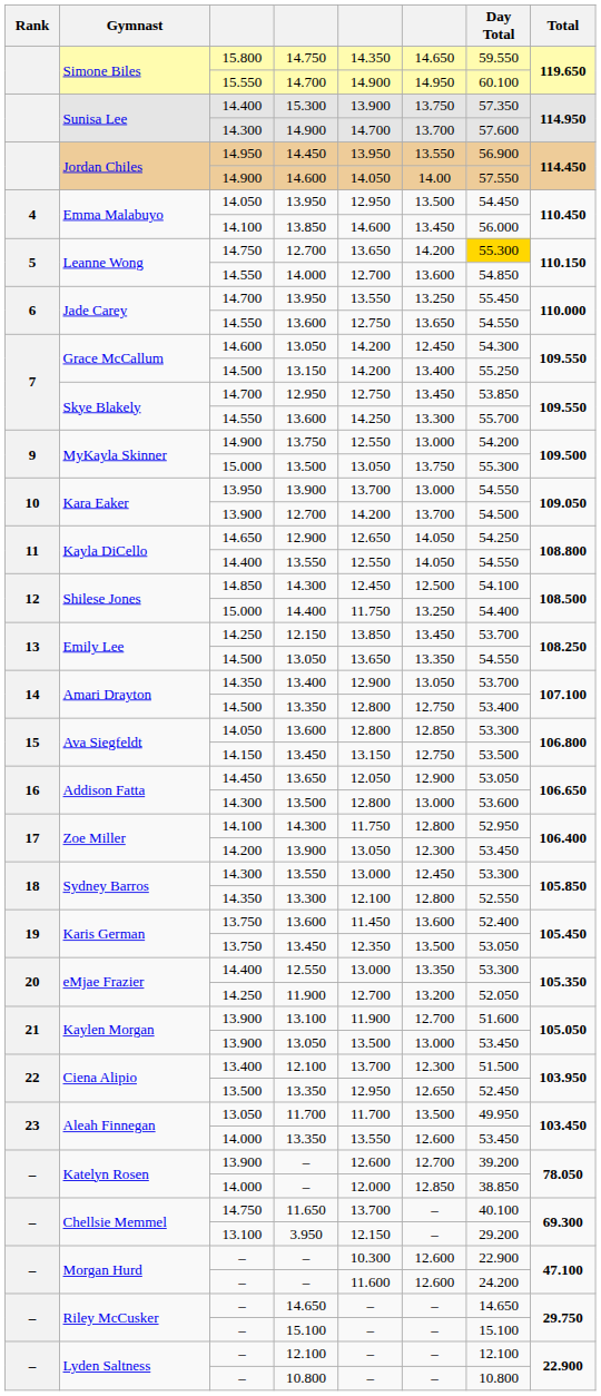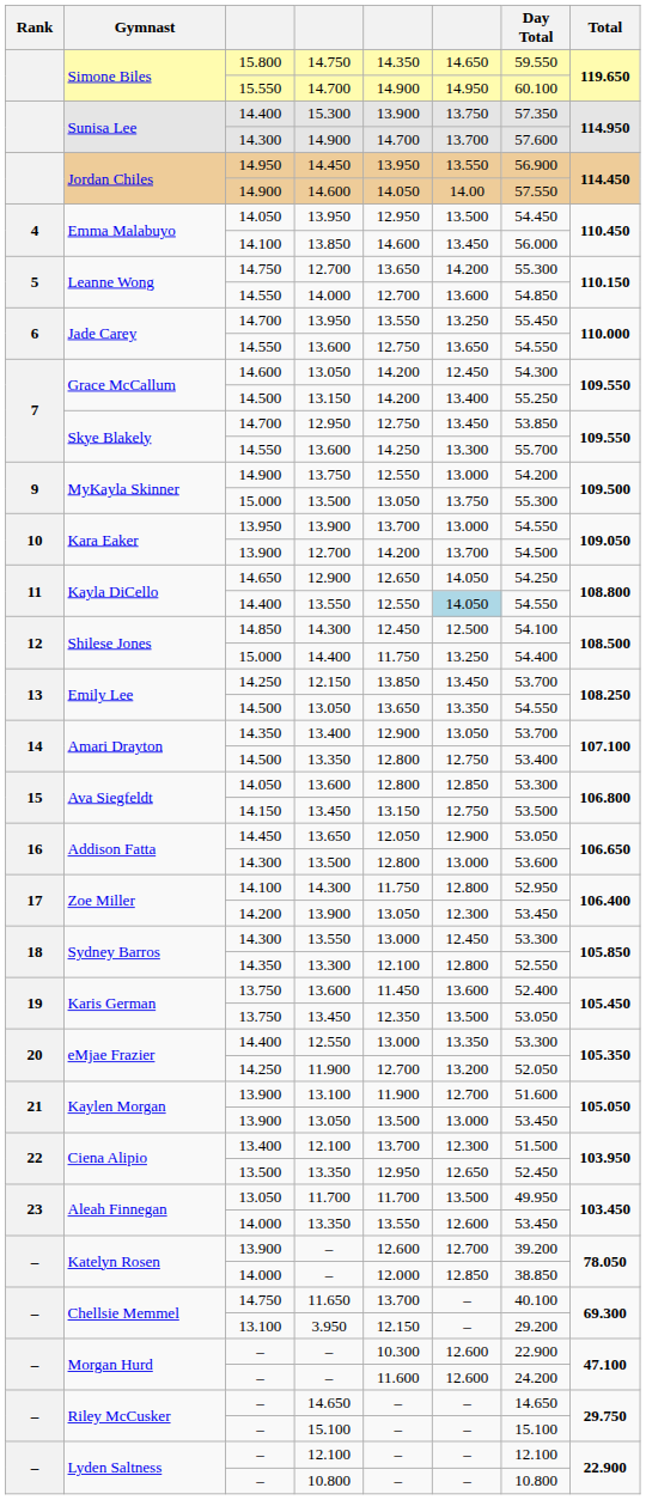 <table class="wikitable sortable" style="text-align:center; font-size:95%">
 <tr>
 <th scope="col" style="width:50px;">Rank</th>
 <th scope="col" style="width:150px;">Gymnast</th>
 <th scope="col" style="width:60px;"></th>
 <th scope="col" style="width:60px;"></th>
 <th scope="col" style="width:60px;"></th>
 <th scope="col" style="width:60px;"></th>
 <th scope="col" style="width:60px;">Day Total</th>
 <th scope="col" style="width:60px;">Total</th>
 </tr>
 <tr style="background:#fffcaf;">
 <th rowspan="2" scope=row style="text-align:center"></th>
 <td rowspan="2" align=left><a href='#'>Simone Biles</a></td>
 <td>15.800</td>
 <td>14.750</td>
 <td>14.350</td>
 <td>14.650</td>
 <td>59.550</td>
 <td rowspan="2"><strong>119.650</strong></td>
 </tr>
 <tr style="background:#fffcaf;">
 <td>15.550</td>
 <td>14.700</td>
 <td>14.900</td>
 <td>14.950</td>
 <td>60.100</td>
 </tr>
 <tr style="background:#e5e5e5;">
 <th rowspan="2" scope=row style="text-align:center"></th>
 <td rowspan="2" align=left><a href='#'>Sunisa Lee</a></td>
 <td>14.400</td>
 <td>15.300</td>
 <td>13.900</td>
 <td>13.750</td>
 <td>57.350</td>
 <td rowspan="2"><strong>114.950</strong></td>
 </tr>
 <tr style="background:#e5e5e5;">
 <td>14.300</td>
 <td>14.900</td>
 <td>14.700</td>
 <td>13.700</td>
 <td>57.600</td>
 </tr>
 <tr style="background:#ec9;">
 <th rowspan="2" scope=row style="text-align:center"></th>
 <td rowspan="2" align=left><a href='#'>Jordan Chiles</a></td>
 <td>14.950</td>
 <td>14.450</td>
 <td>13.950</td>
 <td>13.550</td>
 <td>56.900</td>
 <td rowspan="2"><strong>114.450</strong></td>
 </tr>
 <tr style="background:#ec9;">
 <td>14.900</td>
 <td>14.600</td>
 <td>14.050</td>
 <td>14.00</td>
 <td>57.550</td>
 </tr>
 <tr>
 <th rowspan="2" scope=row style="text-align:center">4</th>
 <td rowspan="2" align=left><a href='#'>Emma Malabuyo</a></td>
 <td>14.050</td>
 <td>13.950</td>
 <td>12.950</td>
 <td>13.500</td>
 <td>54.450</td>
 <td rowspan="2"><strong>110.450</strong></td>
 </tr>
 <tr>
 <td>14.100</td>
 <td>13.850</td>
 <td>14.600</td>
 <td>13.450</td>
 <td>56.000</td>
 </tr>
 <tr>
 <th rowspan="2" scope="row" style="text-align:center">5</th>
 <td rowspan="2" align="left"><a href='#'>Leanne Wong</a></td>
 <td>14.750</td>
 <td>12.700</td>
 <td>13.650</td>
 <td>14.200</td>
-<td style="background: gold;">55.300</td>
+<td>55.300</td>
 <td rowspan="2"><strong>110.150</strong></td>
 </tr>
 <tr>
 <td>14.550</td>
 <td>14.000</td>
 <td>12.700</td>
 <td>13.600</td>
 <td>54.850</td>
 </tr>
 <tr>
 <th rowspan="2" scope=row style="text-align:center">6</th>
 <td rowspan="2" align=left><a href='#'>Jade Carey</a></td>
 <td>14.700</td>
 <td>13.950</td>
 <td>13.550</td>
 <td>13.250</td>
 <td>55.450</td>
 <td rowspan="2"><strong>110.000</strong></td>
 </tr>
 <tr>
 <td>14.550</td>
 <td>13.600</td>
 <td>12.750</td>
 <td>13.650</td>
 <td>54.550</td>
 </tr>
 <tr>
 <th rowspan="4" scope=row style="text-align:center">7</th>
 <td rowspan="2" align=left><a href='#'>Grace McCallum</a></td>
 <td>14.600</td>
 <td>13.050</td>
 <td>14.200</td>
 <td>12.450</td>
 <td>54.300</td>
 <td rowspan="2"><strong>109.550</strong></td>
 </tr>
 <tr>
 <td>14.500</td>
 <td>13.150</td>
 <td>14.200</td>
 <td>13.400</td>
 <td>55.250</td>
 </tr>
 <tr>
 <td rowspan="2" align=left><a href='#'>Skye Blakely</a></td>
 <td>14.700</td>
 <td>12.950</td>
 <td>12.750</td>
 <td>13.450</td>
 <td>53.850</td>
 <td rowspan="2"><strong>109.550</strong></td>
 </tr>
 <tr>
 <td>14.550</td>
 <td>13.600</td>
 <td>14.250</td>
 <td>13.300</td>
 <td>55.700</td>
 </tr>
 <tr>
 <th rowspan="2" scope=row style="text-align:center">9</th>
 <td rowspan="2" align=left><a href='#'>MyKayla Skinner</a></td>
 <td>14.900</td>
 <td>13.750</td>
 <td>12.550</td>
 <td>13.000</td>
 <td>54.200</td>
 <td rowspan="2"><strong>109.500</strong></td>
 </tr>
 <tr>
 <td>15.000</td>
 <td>13.500</td>
 <td>13.050</td>
 <td>13.750</td>
 <td>55.300</td>
 </tr>
 <tr>
 <th rowspan="2" scope=row style="text-align:center">10</th>
 <td rowspan="2" align=left><a href='#'>Kara Eaker</a></td>
 <td>13.950</td>
 <td>13.900</td>
 <td>13.700</td>
 <td>13.000</td>
 <td>54.550</td>
 <td rowspan="2"><strong>109.050</strong></td>
 </tr>
 <tr>
 <td>13.900</td>
 <td>12.700</td>
 <td>14.200</td>
 <td>13.700</td>
 <td>54.500</td>
 </tr>
 <tr>
 <th rowspan="2" scope=row style="text-align:center">11</th>
 <td rowspan="2" align=left><a href='#'>Kayla DiCello</a></td>
 <td>14.650</td>
 <td>12.900</td>
 <td>12.650</td>
 <td>14.050</td>
 <td>54.250</td>
 <td rowspan="2"><strong>108.800</strong></td>
 </tr>
 <tr>
 <td>14.400</td>
 <td>13.550</td>
 <td>12.550</td>
-<td>14.050</td>
+<td style="background: lightblue;">14.050</td>
 <td>54.550</td>
 </tr>
 <tr>
 <th rowspan="2" scope=row style="text-align:center">12</th>
 <td rowspan="2" align=left><a href='#'>Shilese Jones</a></td>
 <td>14.850</td>
 <td>14.300</td>
 <td>12.450</td>
 <td>12.500</td>
 <td>54.100</td>
 <td rowspan="2"><strong>108.500</strong></td>
 </tr>
 <tr>
 <td>15.000</td>
 <td>14.400</td>
 <td>11.750</td>
 <td>13.250</td>
 <td>54.400</td>
 </tr>
 <tr>
 <th rowspan="2" scope=row style="text-align:center">13</th>
 <td rowspan="2" align=left><a href='#'>Emily Lee</a></td>
 <td>14.250</td>
 <td>12.150</td>
 <td>13.850</td>
 <td>13.450</td>
 <td>53.700</td>
 <td rowspan="2"><strong>108.250</strong></td>
 </tr>
 <tr>
 <td>14.500</td>
 <td>13.050</td>
 <td>13.650</td>
 <td>13.350</td>
 <td>54.550</td>
 </tr>
 <tr>
 <th rowspan="2" scope=row style="text-align:center">14</th>
 <td rowspan="2" align=left><a href='#'>Amari Drayton</a></td>
 <td>14.350</td>
 <td>13.400</td>
 <td>12.900</td>
 <td>13.050</td>
 <td>53.700</td>
 <td rowspan="2"><strong>107.100</strong></td>
 </tr>
 <tr>
 <td>14.500</td>
 <td>13.350</td>
 <td>12.800</td>
 <td>12.750</td>
 <td>53.400</td>
 </tr>
 <tr>
 <th rowspan="2" scope=row style="text-align:center">15</th>
 <td rowspan="2" align=left><a href='#'>Ava Siegfeldt</a></td>
 <td>14.050</td>
 <td>13.600</td>
 <td>12.800</td>
 <td>12.850</td>
 <td>53.300</td>
 <td rowspan="2"><strong>106.800</strong></td>
 </tr>
 <tr>
 <td>14.150</td>
 <td>13.450</td>
 <td>13.150</td>
 <td>12.750</td>
 <td>53.500</td>
 </tr>
 <tr>
 <th rowspan="2" scope=row style="text-align:center">16</th>
 <td rowspan="2" align=left><a href='#'>Addison Fatta</a></td>
 <td>14.450</td>
 <td>13.650</td>
 <td>12.050</td>
 <td>12.900</td>
 <td>53.050</td>
 <td rowspan="2"><strong>106.650</strong></td>
 </tr>
 <tr>
 <td>14.300</td>
 <td>13.500</td>
 <td>12.800</td>
 <td>13.000</td>
 <td>53.600</td>
 </tr>
 <tr>
 <th rowspan="2" scope=row style="text-align:center">17</th>
 <td rowspan="2" align=left><a href='#'>Zoe Miller</a></td>
 <td>14.100</td>
 <td>14.300</td>
 <td>11.750</td>
 <td>12.800</td>
 <td>52.950</td>
 <td rowspan="2"><strong>106.400</strong></td>
 </tr>
 <tr>
 <td>14.200</td>
 <td>13.900</td>
 <td>13.050</td>
 <td>12.300</td>
 <td>53.450</td>
 </tr>
 <tr>
 <th rowspan="2" scope=row style="text-align:center">18</th>
 <td rowspan="2" align=left><a href='#'>Sydney Barros</a></td>
 <td>14.300</td>
 <td>13.550</td>
 <td>13.000</td>
 <td>12.450</td>
 <td>53.300</td>
 <td rowspan="2"><strong>105.850</strong></td>
 </tr>
 <tr>
 <td>14.350</td>
 <td>13.300</td>
 <td>12.100</td>
 <td>12.800</td>
 <td>52.550</td>
 </tr>
 <tr>
 <th rowspan="2" scope=row style="text-align:center">19</th>
 <td rowspan="2" align=left><a href='#'>Karis German</a></td>
 <td>13.750</td>
 <td>13.600</td>
 <td>11.450</td>
 <td>13.600</td>
 <td>52.400</td>
 <td rowspan="2"><strong>105.450</strong></td>
 </tr>
 <tr>
 <td>13.750</td>
 <td>13.450</td>
 <td>12.350</td>
 <td>13.500</td>
 <td>53.050</td>
 </tr>
 <tr>
 <th rowspan="2" scope=row style="text-align:center">20</th>
 <td rowspan="2" align=left><a href='#'>eMjae Frazier</a></td>
 <td>14.400</td>
 <td>12.550</td>
 <td>13.000</td>
 <td>13.350</td>
 <td>53.300</td>
 <td rowspan="2"><strong>105.350</strong></td>
 </tr>
 <tr>
 <td>14.250</td>
 <td>11.900</td>
 <td>12.700</td>
 <td>13.200</td>
 <td>52.050</td>
 </tr>
 <tr>
 <th rowspan="2" scope=row style="text-align:center">21</th>
 <td rowspan="2" align=left><a href='#'>Kaylen Morgan</a></td>
 <td>13.900</td>
 <td>13.100</td>
 <td>11.900</td>
 <td>12.700</td>
 <td>51.600</td>
 <td rowspan="2"><strong>105.050</strong></td>
 </tr>
 <tr>
 <td>13.900</td>
 <td>13.050</td>
 <td>13.500</td>
 <td>13.000</td>
 <td>53.450</td>
 </tr>
 <tr>
 <th rowspan="2" scope=row style="text-align:center">22</th>
 <td rowspan="2" align=left><a href='#'>Ciena Alipio</a></td>
 <td>13.400</td>
 <td>12.100</td>
 <td>13.700</td>
 <td>12.300</td>
 <td>51.500</td>
 <td rowspan="2"><strong>103.950</strong></td>
 </tr>
 <tr>
 <td>13.500</td>
 <td>13.350</td>
 <td>12.950</td>
 <td>12.650</td>
 <td>52.450</td>
 </tr>
 <tr>
 <th rowspan="2" scope=row style="text-align:center">23</th>
 <td rowspan="2" align=left><a href='#'>Aleah Finnegan</a></td>
 <td>13.050</td>
 <td>11.700</td>
 <td>11.700</td>
 <td>13.500</td>
 <td>49.950</td>
 <td rowspan="2"><strong>103.450</strong></td>
 </tr>
 <tr>
 <td>14.000</td>
 <td>13.350</td>
 <td>13.550</td>
 <td>12.600</td>
 <td>53.450</td>
 </tr>
 <tr>
 <th rowspan="2" scope=row style="text-align:center">–</th>
 <td rowspan="2" align=left><a href='#'>Katelyn Rosen</a></td>
 <td>13.900</td>
 <td>–</td>
 <td>12.600</td>
 <td>12.700</td>
 <td>39.200</td>
 <td rowspan="2"><strong>78.050</strong></td>
 </tr>
 <tr>
 <td>14.000</td>
 <td>–</td>
 <td>12.000</td>
 <td>12.850</td>
 <td>38.850</td>
 </tr>
 <tr>
 <th rowspan="2" scope=row style="text-align:center">–</th>
 <td rowspan="2" align=left><a href='#'>Chellsie Memmel</a></td>
 <td>14.750</td>
 <td>11.650</td>
 <td>13.700</td>
 <td>–</td>
 <td>40.100</td>
 <td rowspan="2"><strong>69.300</strong></td>
 </tr>
 <tr>
 <td>13.100</td>
 <td>3.950</td>
 <td>12.150</td>
 <td>–</td>
 <td>29.200</td>
 </tr>
 <tr>
 <th rowspan="2" scope=row style="text-align:center">–</th>
 <td rowspan="2" align=left><a href='#'>Morgan Hurd</a></td>
 <td>–</td>
 <td>–</td>
 <td>10.300</td>
 <td>12.600</td>
 <td>22.900</td>
 <td rowspan="2"><strong>47.100</strong></td>
 </tr>
 <tr>
 <td>–</td>
 <td>–</td>
 <td>11.600</td>
 <td>12.600</td>
 <td>24.200</td>
 </tr>
 <tr>
 <th rowspan="2" scope=row style="text-align:center">–</th>
 <td rowspan="2" align=left><a href='#'>Riley McCusker</a></td>
 <td>–</td>
 <td>14.650</td>
 <td>–</td>
 <td>–</td>
 <td>14.650</td>
 <td rowspan="2"><strong>29.750</strong></td>
 </tr>
 <tr>
 <td>–</td>
 <td>15.100</td>
 <td>–</td>
 <td>–</td>
 <td>15.100</td>
 </tr>
 <tr>
 <th rowspan="2" scope=row style="text-align:center">–</th>
 <td rowspan="2" align=left><a href='#'>Lyden Saltness</a></td>
 <td>–</td>
 <td>12.100</td>
 <td>–</td>
 <td>–</td>
 <td>12.100</td>
 <td rowspan="2"><strong>22.900</strong></td>
 </tr>
 <tr>
 <td>–</td>
 <td>10.800</td>
 <td>–</td>
 <td>–</td>
 <td>10.800</td>
 </tr>
 </table>
